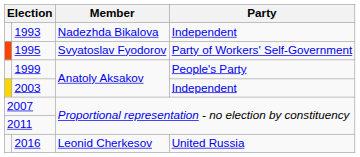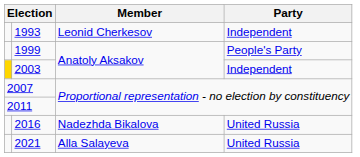 <table class="wikitable">
 <tr>
 <th colspan="2">Election</th>
 <th>Member</th>
 <th>Party</th>
 </tr>
 <tr>
 <td style="background-color:"></td>
 <td><a href='#'>1993</a></td>
-<td><a href='#'>Nadezhda Bikalova</a></td>
+<td><a href='#'>Leonid Cherkesov</a></td>
 <td><a href='#'>Independent</a></td>
-</tr>
-<tr>
-<td style="background-color:#FF4400"></td>
-<td><a href='#'>1995</a></td>
-<td><a href='#'>Svyatoslav Fyodorov</a></td>
-<td><a href='#'>Party of Workers' Self-Government</a></td>
 </tr>
 <tr>
 <td style="background-color:"></td>
 <td><a href='#'>1999</a></td>
 <td rowspan=2><a href='#'>Anatoly Aksakov</a></td>
 <td><a href='#'>People's Party</a></td>
 </tr>
 <tr>
 <td style="background-color:#FFD700"></td>
 <td><a href='#'>2003</a></td>
 <td><a href='#'>Independent</a></td>
 </tr>
 <tr>
 <td colspan=2><a href='#'>2007</a></td>
 <td colspan=2 rowspan=2><em><a href='#'>Proportional representation</a> - no election by constituency</em></td>
 </tr>
 <tr>
 <td colspan=2><a href='#'>2011</a></td>
 </tr>
 <tr>
 <td style="background-color: "></td>
 <td><a href='#'>2016</a></td>
-<td><a href='#'>Leonid Cherkesov</a></td>
+<td><a href='#'>Nadezhda Bikalova</a></td>
+<td><a href='#'>United Russia</a></td>
+</tr>
+<tr>
+<td style="background-color: "></td>
+<td><a href='#'>2021</a></td>
+<td><a href='#'>Alla Salayeva</a></td>
 <td><a href='#'>United Russia</a></td>
 </tr>
 </table>
